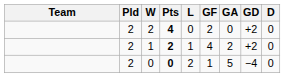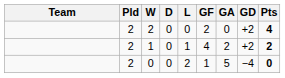 <table class="wikitable" style="text-align: center;">
 <tr>
 <th width=165>Team</th>
 <th width=20>Pld</th>
 <th width=20>W</th>
-<th width=20>Pts</th>
+<th width=20>D</th>
 <th width=20>L</th>
 <th width=20>GF</th>
 <th width=20>GA</th>
 <th width=20>GD</th>
-<th width=20>D</th>
+<th width=20>Pts</th>
 </tr>
 <tr>
 <td style="text-align:left;"></td>
 <td>2</td>
 <td>2</td>
-<td><strong>4</strong></td>
+<td>0</td>
 <td>0</td>
 <td>2</td>
 <td>0</td>
 <td>+2</td>
-<td>0</td>
+<td><strong>4</strong></td>
 </tr>
 <tr>
 <td style="text-align:left;"></td>
 <td>2</td>
 <td>1</td>
-<td><strong>2</strong></td>
+<td>0</td>
 <td>1</td>
 <td>4</td>
 <td>2</td>
 <td>+2</td>
-<td>0</td>
+<td><strong>2</strong></td>
 </tr>
 <tr>
 <td style="text-align:left;"></td>
 <td>2</td>
 <td>0</td>
-<td><strong>0</strong></td>
+<td>0</td>
 <td>2</td>
 <td>1</td>
 <td>5</td>
 <td>−4</td>
-<td>0</td>
+<td><strong>0</strong></td>
 </tr>
 </table>
